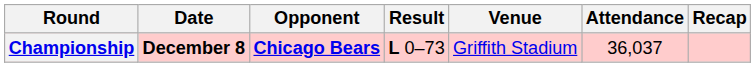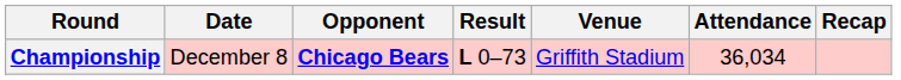 <table class="wikitable" style="text-align:center">
 <tr>
 <th>Round</th>
 <th>Date</th>
 <th>Opponent</th>
 <th>Result</th>
 <th>Venue</th>
 <th>Attendance</th>
 <th>Recap</th>
 </tr>
 <tr style="background:#fcc">
 <th><a href='#'>Championship</a></th>
-<td><strong>December 8</strong></td>
+<td>December 8</td>
 <td><strong><a href='#'>Chicago Bears</a></strong></td>
 <td><strong>L</strong> 0–73</td>
 <td><a href='#'>Griffith Stadium</a></td>
-<td>36,037</td>
+<td>36,034</td>
 <td></td>
 </tr>
 </table>
